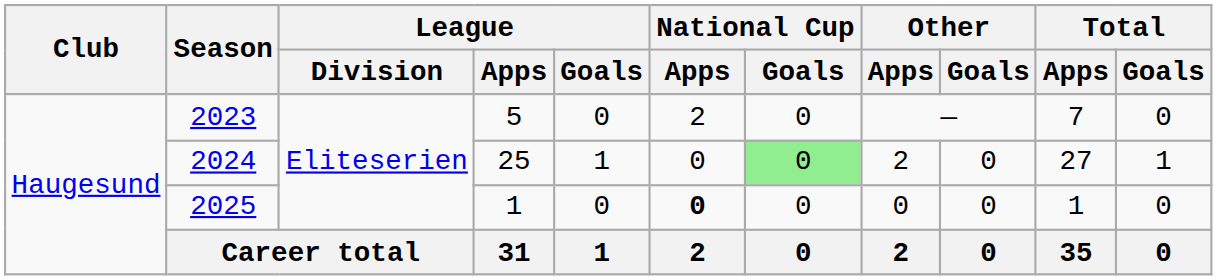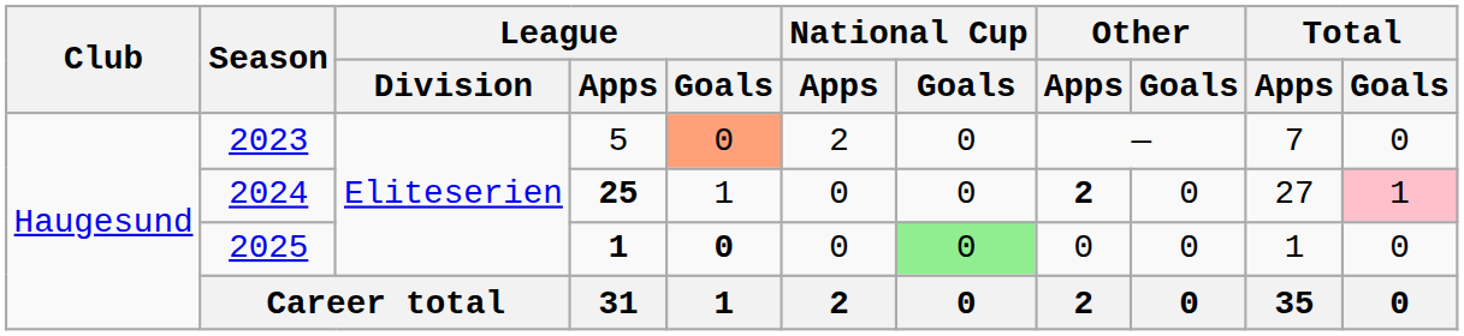 <table class="wikitable" style="text-align: center;">
 <tr>
 <th rowspan=2>Club</th>
 <th rowspan=2>Season</th>
 <th colspan=3>League</th>
 <th colspan=2>National Cup</th>
 <th colspan=2>Other</th>
 <th colspan=2>Total</th>
 </tr>
 <tr>
 <th>Division</th>
 <th>Apps</th>
 <th>Goals</th>
 <th>Apps</th>
 <th>Goals</th>
 <th>Apps</th>
 <th>Goals</th>
 <th>Apps</th>
 <th>Goals</th>
 </tr>
 <tr>
 <td rowspan=4><a href='#'>Haugesund</a></td>
 <td><a href='#'>2023</a></td>
 <td rowspan=3><a href='#'>Eliteserien</a></td>
 <td>5</td>
-<td>0</td>
+<td style="background: lightsalmon;">0</td>
 <td>2</td>
 <td>0</td>
 <td colspan=2>—</td>
 <td>7</td>
 <td>0</td>
 </tr>
 <tr>
 <td><a href='#'>2024</a></td>
-<td>25</td>
+<td><strong>25</strong></td>
 <td>1</td>
 <td>0</td>
-<td style="background: lightgreen;">0</td>
-<td>2</td>
+<td>0</td>
+<td><strong>2</strong></td>
 <td>0</td>
 <td>27</td>
-<td>1</td>
+<td style="background: pink;">1</td>
 </tr>
 <tr>
 <td><a href='#'>2025</a></td>
-<td>1</td>
-<td>0</td>
+<td><strong>1</strong></td>
 <td><strong>0</strong></td>
 <td>0</td>
+<td style="background: lightgreen;">0</td>
 <td>0</td>
 <td>0</td>
 <td>1</td>
 <td>0</td>
 </tr>
 <tr>
 <th colspan=2>Career total</th>
 <th>31</th>
 <th>1</th>
 <th>2</th>
 <th>0</th>
 <th>2</th>
 <th>0</th>
 <th>35</th>
 <th>0</th>
 </tr>
 </table>
